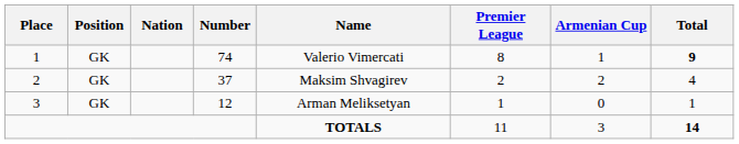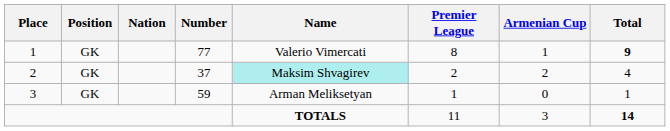 <table class="wikitable" style="font-size: 95%; text-align: center;">
 <tr>
 <th width=60>Place</th>
 <th width=60>Position</th>
 <th width=60>Nation</th>
 <th width=60>Number</th>
 <th width=200>Name</th>
 <th width=100><a href='#'>Premier League</a></th>
 <th width=100><a href='#'>Armenian Cup</a></th>
 <th width=80>Total</th>
 </tr>
 <tr>
 <td>1</td>
 <td>GK</td>
 <td></td>
-<td>74</td>
+<td>77</td>
 <td>Valerio Vimercati</td>
 <td>8</td>
 <td>1</td>
 <td><strong>9</strong></td>
 </tr>
 <tr>
 <td>2</td>
 <td>GK</td>
 <td></td>
 <td>37</td>
-<td>Maksim Shvagirev</td>
+<td style="background: paleturquoise;">Maksim Shvagirev</td>
 <td>2</td>
 <td>2</td>
 <td>4</td>
 </tr>
 <tr>
 <td>3</td>
 <td>GK</td>
 <td></td>
-<td>12</td>
+<td>59</td>
 <td>Arman Meliksetyan</td>
 <td>1</td>
 <td>0</td>
 <td>1</td>
 </tr>
 <tr>
 <td colspan="4"></td>
 <td><strong>TOTALS</strong></td>
 <td>11</td>
 <td>3</td>
 <td><strong>14</strong></td>
 </tr>
 </table>
